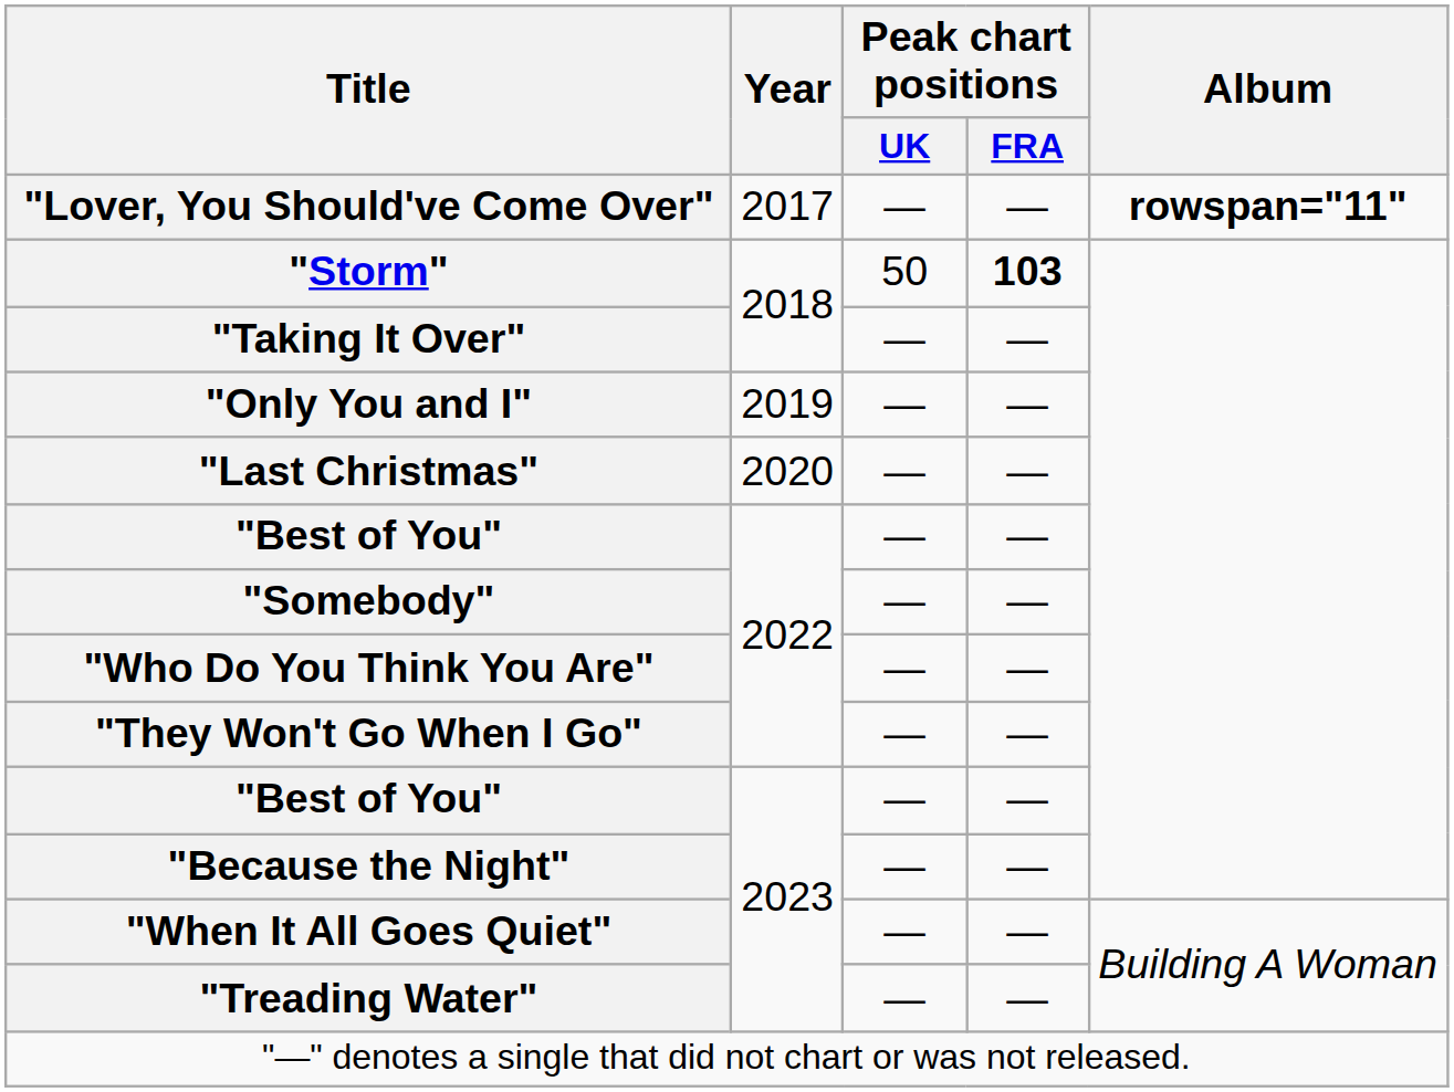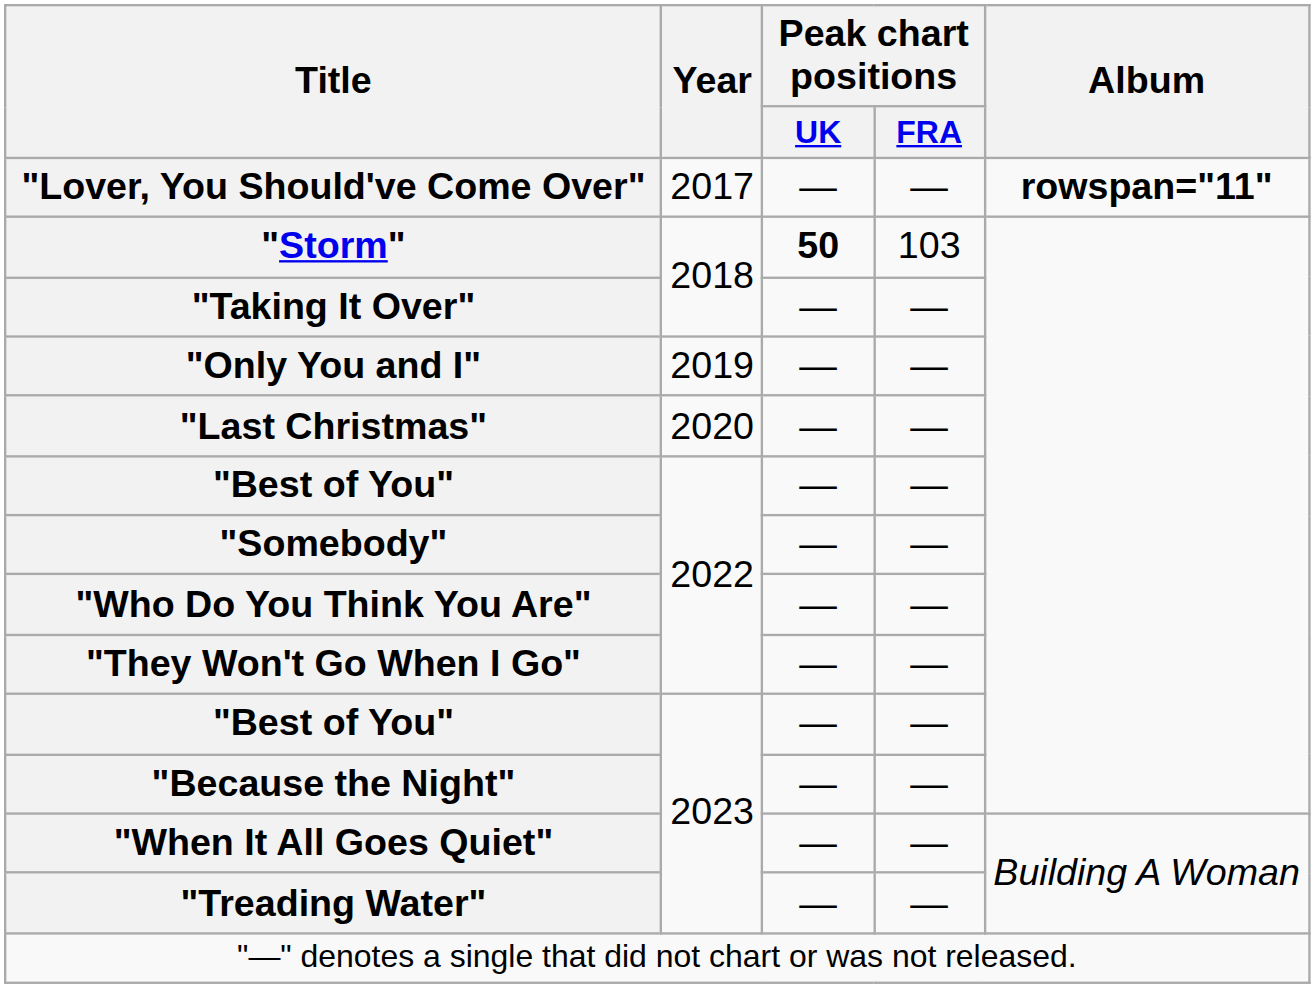 <table class="wikitable plainrowheaders" style="text-align:center;">
 <tr>
 <th scope="col" rowspan="2" style="width:17em;">Title</th>
 <th scope="col" rowspan="2" style="width:1em;">Year</th>
 <th scope="col" colspan="2">Peak chart positions</th>
 <th scope="col" rowspan="2">Album</th>
 </tr>
 <tr>
 <th scope="col" style="width:3em;font-size:85%;"><a href='#'>UK</a><br></th>
 <th scope="col" style="width:3em;font-size:85%;"><a href='#'>FRA</a><br></th>
 </tr>
 <tr>
 <th scope="row">"Lover, You Should've Come Over"</th>
 <td>2017</td>
 <td>—</td>
 <td>—</td>
 <td><strong>rowspan="11" </strong></td>
 </tr>
 <tr>
 <th scope="row">"<a href='#'>Storm</a>"</th>
 <td rowspan="2">2018</td>
-<td>50</td>
-<td><strong>103</strong></td>
+<td><strong>50</strong></td>
+<td>103</td>
 </tr>
 <tr>
 <th scope="row">"Taking It Over"</th>
 <td>—</td>
 <td>—</td>
 </tr>
 <tr>
 <th scope="row">"Only You and I"</th>
 <td>2019</td>
 <td>—</td>
 <td>—</td>
 </tr>
 <tr>
 <th scope="row">"Last Christmas"</th>
 <td>2020</td>
 <td>—</td>
 <td>—</td>
 </tr>
 <tr>
 <th scope="row">"Best of You"</th>
 <td rowspan="4">2022</td>
 <td>—</td>
 <td>—</td>
 </tr>
 <tr>
 <th scope="row">"Somebody"</th>
 <td>—</td>
 <td>—</td>
 </tr>
 <tr>
 <th scope="row">"Who Do You Think You Are"</th>
 <td>—</td>
 <td>—</td>
 </tr>
 <tr>
 <th scope="row">"They Won't Go When I Go"</th>
 <td>—</td>
 <td>—</td>
 </tr>
 <tr>
 <th scope="row">"Best of You"</th>
 <td rowspan="4">2023</td>
 <td>—</td>
 <td>—</td>
 </tr>
 <tr>
 <th scope="row">"Because the Night"</th>
 <td>—</td>
 <td>—</td>
 </tr>
 <tr>
 <th scope="row">"When It All Goes Quiet"</th>
 <td>—</td>
 <td>—</td>
 <td rowspan="2"><em>Building A Woman</em></td>
 </tr>
 <tr>
 <th scope="row">"Treading Water"</th>
 <td>—</td>
 <td>—</td>
 </tr>
 <tr>
 <td colspan="5" style="font-size:85%">"—" denotes a single that did not chart or was not released.</td>
 </tr>
 </table>
